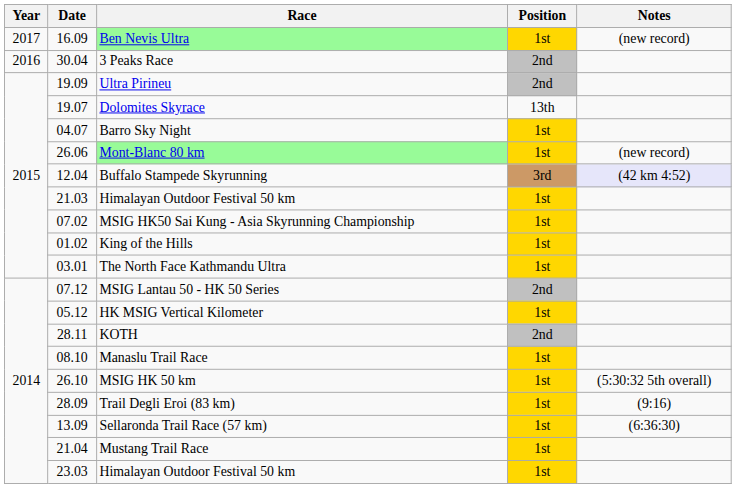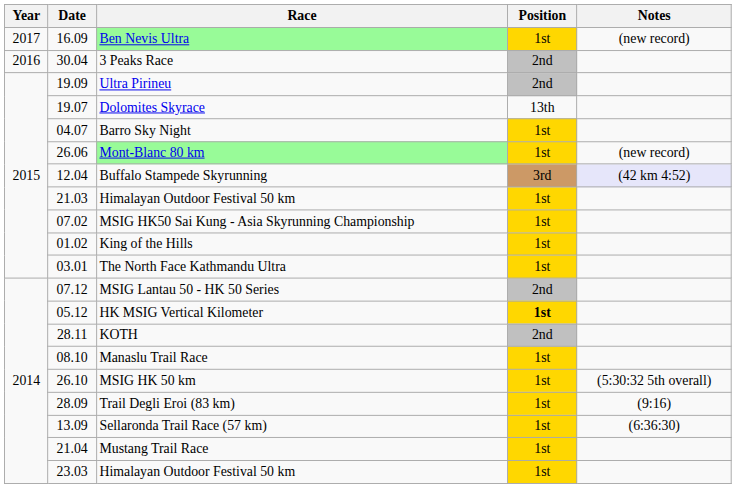 <table class="wikitable" width=60% style="font-size:90%; text-align:center;">
 <tr>
 <th>Year</th>
 <th>Date</th>
 <th>Race</th>
 <th>Position</th>
 <th>Notes</th>
 </tr>
 <tr>
 <td>2017</td>
 <td>16.09</td>
 <td bgcolor=palegreen align=left><a href='#'>Ben Nevis Ultra</a></td>
 <td bgcolor=gold>1st</td>
 <td>(new record)</td>
 </tr>
 <tr>
 <td>2016</td>
 <td>30.04</td>
 <td align=left>3 Peaks Race</td>
 <td bgcolor="silver">2nd</td>
 <td></td>
 </tr>
 <tr>
 <td rowspan=9>2015</td>
 <td>19.09</td>
 <td align=left><a href='#'>Ultra Pirineu</a></td>
 <td bgcolor=silver>2nd</td>
 <td></td>
 </tr>
 <tr>
 <td>19.07</td>
 <td align=left><a href='#'>Dolomites Skyrace</a></td>
 <td>13th</td>
 <td></td>
 </tr>
 <tr>
 <td>04.07</td>
 <td align=left>Barro Sky Night</td>
 <td bgcolor=gold>1st</td>
 <td></td>
 </tr>
 <tr>
 <td>26.06</td>
 <td bgcolor=palegreen align=left><a href='#'>Mont-Blanc 80 km</a></td>
 <td bgcolor=gold>1st</td>
 <td>(new record)</td>
 </tr>
 <tr>
 <td>12.04</td>
 <td align=left>Buffalo Stampede Skyrunning</td>
 <td bgcolor="#cc9966">3rd</td>
 <td style="background: lavender;">(42 km 4:52)</td>
 </tr>
 <tr>
 <td>21.03</td>
 <td align=left>Himalayan Outdoor Festival 50 km</td>
 <td bgcolor=gold>1st</td>
 <td></td>
 </tr>
 <tr>
 <td>07.02</td>
 <td align=left>MSIG HK50 Sai Kung - Asia Skyrunning Championship</td>
 <td bgcolor=gold>1st</td>
 <td></td>
 </tr>
 <tr>
 <td>01.02</td>
 <td align=left>King of the Hills</td>
 <td bgcolor=gold>1st</td>
 <td></td>
 </tr>
 <tr>
 <td>03.01</td>
 <td align=left>The North Face Kathmandu Ultra</td>
 <td bgcolor=gold>1st</td>
 <td></td>
 </tr>
 <tr>
 <td rowspan=9>2014</td>
 <td>07.12</td>
 <td align=left>MSIG Lantau 50 - HK 50 Series</td>
 <td bgcolor=silver>2nd</td>
 <td></td>
 </tr>
 <tr>
 <td>05.12</td>
 <td align=left>HK MSIG Vertical Kilometer</td>
-<td bgcolor=gold>1st</td>
+<td bgcolor=gold><strong>1st</strong></td>
 <td></td>
 </tr>
 <tr>
 <td>28.11</td>
 <td align=left>KOTH</td>
 <td bgcolor=silver>2nd</td>
 <td></td>
 </tr>
 <tr>
 <td>08.10</td>
 <td align=left>Manaslu Trail Race</td>
 <td bgcolor=gold>1st</td>
 <td></td>
 </tr>
 <tr>
 <td>26.10</td>
 <td align=left>MSIG HK 50 km</td>
 <td bgcolor=gold>1st</td>
 <td>(5:30:32 5th overall)</td>
 </tr>
 <tr>
 <td>28.09</td>
 <td align=left>Trail Degli Eroi (83 km)</td>
 <td bgcolor=gold>1st</td>
 <td>(9:16)</td>
 </tr>
 <tr>
 <td>13.09</td>
 <td align=left>Sellaronda Trail Race (57 km)</td>
 <td bgcolor=gold>1st</td>
 <td>(6:36:30)</td>
 </tr>
 <tr>
 <td>21.04</td>
 <td align=left>Mustang Trail Race</td>
 <td bgcolor=gold>1st</td>
 <td></td>
 </tr>
 <tr>
 <td>23.03</td>
 <td align=left>Himalayan Outdoor Festival 50 km</td>
 <td bgcolor=gold>1st</td>
 <td></td>
 </tr>
 </table>
